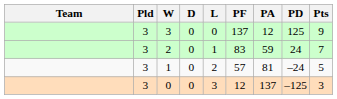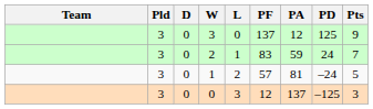 <table class="wikitable" style="text-align:center;">
 <tr>
 <th width=175>Team</th>
 <th width=25 abbr="Played">Pld</th>
+<th width=25 abbr="Drawn">D</th>
 <th width=25 abbr="Won">W</th>
-<th width=25 abbr="Drawn">D</th>
 <th width=25 abbr="Lost">L</th>
 <th width=32 abbr="Points for">PF</th>
 <th width=32 abbr="Points against">PA</th>
 <th width=32 abbr="Points difference">PD</th>
 <th width=25 abbr="Points">Pts</th>
 </tr>
 <tr bgcolor="#ccffcc">
 <td align=left></td>
 <td>3</td>
+<td>0</td>
 <td>3</td>
-<td>0</td>
 <td>0</td>
 <td>137</td>
 <td>12</td>
 <td>125</td>
 <td>9</td>
 </tr>
 <tr bgcolor="#ccffcc">
 <td align=left></td>
 <td>3</td>
+<td>0</td>
 <td>2</td>
-<td>0</td>
 <td>1</td>
 <td>83</td>
 <td>59</td>
 <td>24</td>
 <td>7</td>
 </tr>
 <tr>
 <td align=left></td>
 <td>3</td>
+<td>0</td>
 <td>1</td>
-<td>0</td>
 <td>2</td>
 <td>57</td>
 <td>81</td>
 <td>–24</td>
 <td>5</td>
 </tr>
 <tr bgcolor="#ffddbb">
 <td align=left></td>
 <td>3</td>
 <td>0</td>
 <td>0</td>
 <td>3</td>
 <td>12</td>
 <td>137</td>
 <td>–125</td>
 <td>3</td>
 </tr>
 </table>
